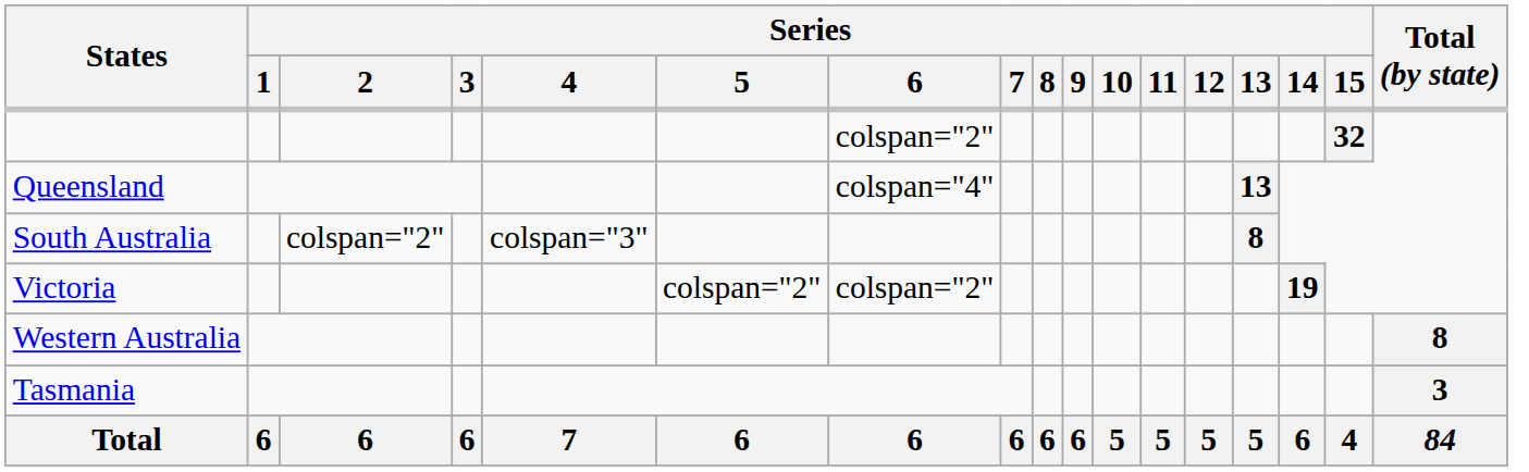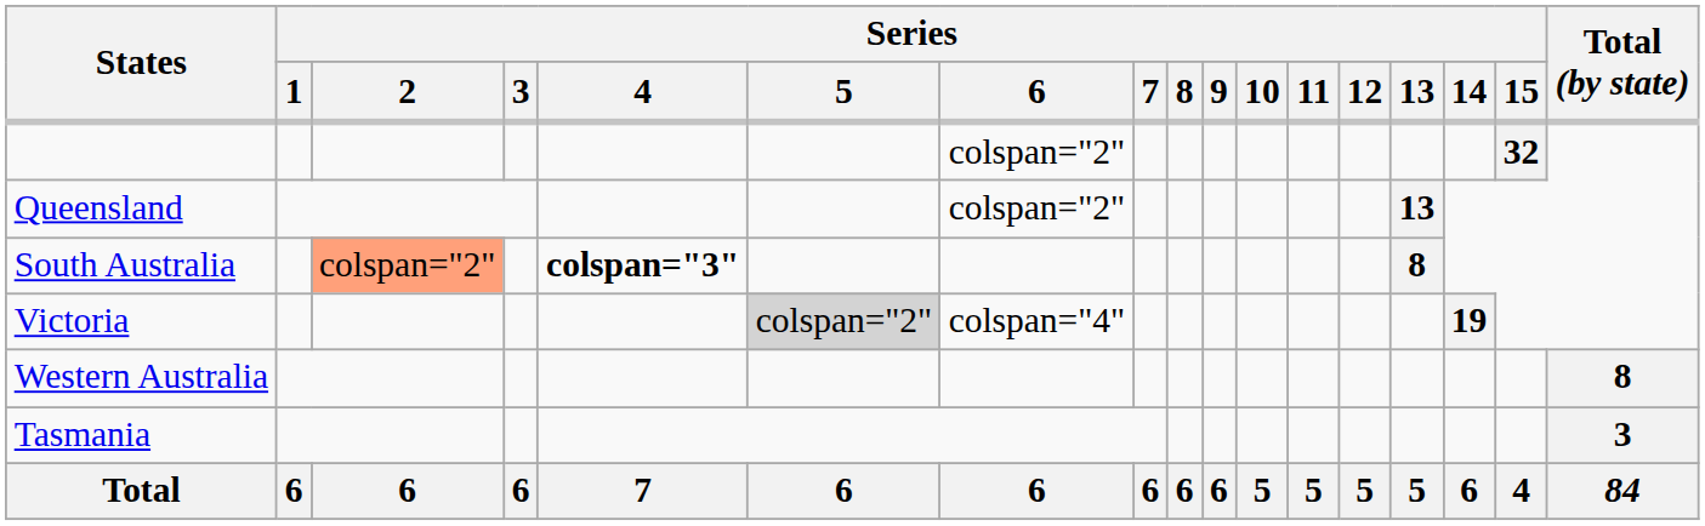 <table class="wikitable plainrowheaders" style="text-align:center;">
 <tr>
 <th scope="col" rowspan="2">States</th>
 <th scope="col" colspan="15">Series</th>
 <th rowspan="2" scope="col"><strong>Total</strong><br><em>(by state)</em></th>
 </tr>
 <tr>
 <th scope="col">1</th>
 <th scope="col">2</th>
 <th scope="col">3</th>
 <th scope="col">4</th>
 <th scope="col">5</th>
 <th scope="col">6</th>
 <th scope="col">7</th>
 <th scope="col">8</th>
 <th scope="col">9</th>
 <th scope="col">10</th>
 <th scope="col">11</th>
 <th scope="col">12</th>
 <th scope="col">13</th>
 <th scope="col">14</th>
 <th scope="col">15</th>
 </tr>
 <tr style="border-top:3px solid #aaaa;">
 <td scope="row" align="left"></td>
 <td></td>
 <td></td>
 <td></td>
 <td></td>
 <td></td>
 <td>colspan="2" </td>
 <td></td>
 <td></td>
 <td></td>
 <td></td>
 <td></td>
 <td></td>
 <td></td>
 <td></td>
 <th>32</th>
 </tr>
 <tr>
 <td scope="row" align="left"><a href='#'>Queensland</a></td>
 <td colspan="3"></td>
 <td></td>
 <td></td>
-<td>colspan="4" </td>
+<td>colspan="2" </td>
 <td></td>
 <td></td>
 <td></td>
 <td></td>
 <td></td>
 <td></td>
 <th>13</th>
 </tr>
 <tr>
 <td scope="row" align="left"><a href='#'>South Australia</a></td>
 <td></td>
-<td>colspan="2" </td>
+<td style="background: lightsalmon;">colspan="2" </td>
 <td></td>
-<td>colspan="3" </td>
+<td><strong>colspan="3" </strong></td>
 <td></td>
 <td></td>
 <td></td>
 <td></td>
 <td></td>
 <td></td>
 <td></td>
 <td></td>
 <th>8</th>
 </tr>
 <tr>
 <td scope="row" align="left"><a href='#'>Victoria</a></td>
 <td></td>
 <td></td>
 <td></td>
 <td></td>
-<td>colspan="2" </td>
-<td>colspan="2" </td>
+<td style="background: lightgrey;">colspan="2" </td>
+<td>colspan="4" </td>
 <td></td>
 <td></td>
 <td></td>
 <td></td>
 <td></td>
 <td></td>
 <td></td>
 <th>19</th>
 </tr>
 <tr>
 <td scope="row" align="left"><a href='#'>Western Australia</a></td>
 <td colspan="2"></td>
 <td></td>
 <td></td>
 <td></td>
 <td></td>
 <td></td>
 <td></td>
 <td></td>
 <td></td>
 <td></td>
 <td></td>
 <td></td>
 <td></td>
 <td></td>
 <th>8</th>
 </tr>
 <tr>
 <td scope="row" align="left"><a href='#'>Tasmania</a></td>
 <td colspan="2"></td>
 <td></td>
 <td colspan="4"></td>
 <td></td>
 <td></td>
 <td></td>
 <td></td>
 <td></td>
 <td></td>
 <td></td>
 <td></td>
 <th>3</th>
 </tr>
 <tr>
 <th>Total</th>
 <th>6</th>
 <th>6</th>
 <th>6</th>
 <th>7</th>
 <th>6</th>
 <th>6</th>
 <th>6</th>
 <th>6</th>
 <th>6</th>
 <th>5</th>
 <th>5</th>
 <th>5</th>
 <th>5</th>
 <th>6</th>
 <th>4</th>
 <th><em>84</em></th>
 </tr>
 </table>
